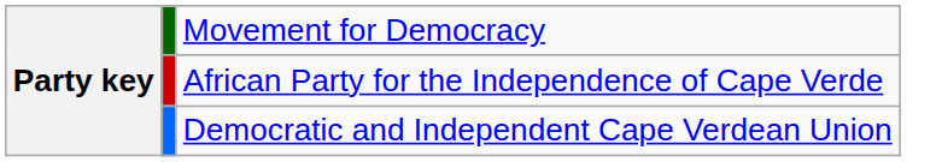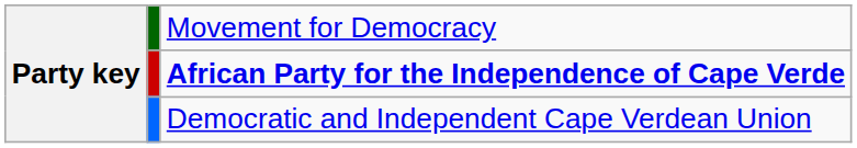 <table class=wikitable>
 <tr>
 <th rowspan=3>Party key</th>
 <td style="background:#006600"></td>
 <td><a href='#'>Movement for Democracy</a></td>
 </tr>
 <tr>
 <td style="background:#cc0000"></td>
-<td><a href='#'>African Party for the Independence of Cape Verde</a></td>
+<td><strong><a href='#'>African Party for the Independence of Cape Verde</a></strong></td>
 </tr>
 <tr>
 <td style="background:#0066ff"></td>
 <td><a href='#'>Democratic and Independent Cape Verdean Union</a></td>
 </tr>
 </table>
